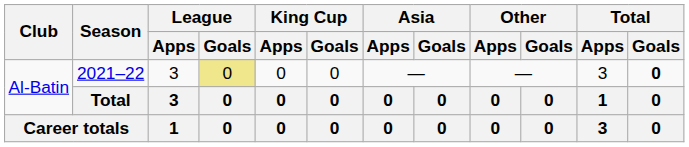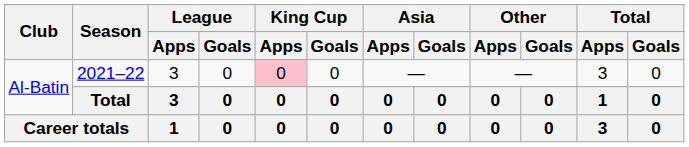 <table class="wikitable" style="text-align: center">
 <tr>
 <th rowspan=2>Club</th>
 <th rowspan=2>Season</th>
 <th colspan=2>League</th>
 <th colspan=2>King Cup</th>
 <th colspan=2>Asia</th>
 <th colspan=2>Other</th>
 <th colspan=2>Total</th>
 </tr>
 <tr>
 <th>Apps</th>
 <th>Goals</th>
 <th>Apps</th>
 <th>Goals</th>
 <th>Apps</th>
 <th>Goals</th>
 <th>Apps</th>
 <th>Goals</th>
 <th>Apps</th>
 <th>Goals</th>
 </tr>
 <tr>
 <td rowspan=2><a href='#'>Al-Batin</a></td>
 <td><a href='#'>2021–22</a></td>
 <td>3</td>
-<td style="background: khaki;">0</td>
 <td>0</td>
+<td style="background: pink;">0</td>
 <td>0</td>
 <td colspan=2>—</td>
 <td colspan=2>—</td>
 <td>3</td>
-<td><strong>0</strong></td>
+<td>0</td>
 </tr>
 <tr>
 <th>Total</th>
 <th>3</th>
 <th>0</th>
 <th>0</th>
 <th>0</th>
 <th>0</th>
 <th>0</th>
 <th>0</th>
 <th>0</th>
 <th>1</th>
 <th>0</th>
 </tr>
 <tr>
 <th colspan=2>Career totals</th>
 <th>1</th>
 <th>0</th>
 <th>0</th>
 <th>0</th>
 <th>0</th>
 <th>0</th>
 <th>0</th>
 <th>0</th>
 <th>3</th>
 <th>0</th>
 </tr>
 </table>
